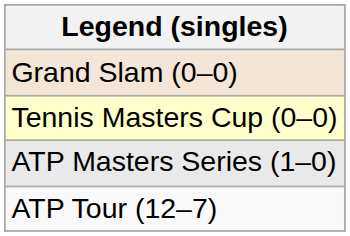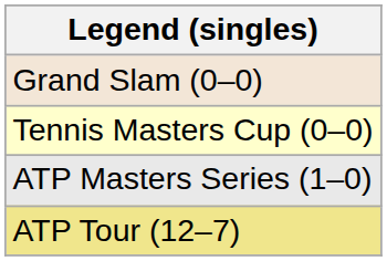 <table class="wikitable sortable mw-collapsible mw-collapsed">
 <tr>
 <th>Legend (singles)</th>
 </tr>
 <tr style="background:#f3e6d7;">
 <td>Grand Slam (0–0)</td>
 </tr>
 <tr style="background:#ffffcc;">
 <td>Tennis Masters Cup (0–0)</td>
 </tr>
 <tr style="background:#e9e9e9;">
 <td>ATP Masters Series (1–0)</td>
 </tr>
 <tr>
-<td>ATP Tour (12–7)</td>
+<td style="background: khaki;">ATP Tour (12–7)</td>
 </tr>
 </table>
